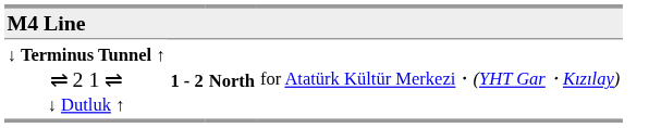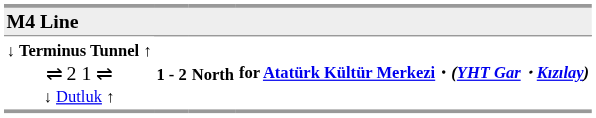 <table border="1" cellspacing="0" cellpadding="2" frame="hsides" rules="rows" style="border-top:solid 3px #999;border-bottom:solid 3px #999;">
 <tr>
 <td colspan="5" style="background-color:#eee; border-top:solid 3px #999;"><strong>M4 Line</strong></td>
 </tr>
 <tr>
 <td rowspan="2" style="text-align:center;"><small>↓ <strong>Terminus Tunnel</strong> ↑</small><br>  <span>⇌ 2 1 ⇌</span>  <br><small>↓ <a href='#'>Dutluk</a> ↑</small></td>
 </tr>
 <tr>
 <th><small>1 - 2</small></th>
 <th><small>North</small></th>
-<td><small> for <a href='#'>Atatürk Kültür Merkezi</a>・<em>(<a href='#'>YHT Gar</a>・<a href='#'>Kızılay</a>)</em></small></td>
+<td><strong><small> for <a href='#'>Atatürk Kültür Merkezi</a>・<em>(<a href='#'>YHT Gar</a>・<a href='#'>Kızılay</a>)</em></small></strong></td>
 </tr>
 </table>
